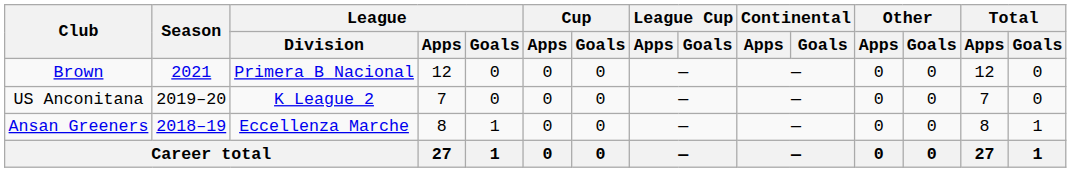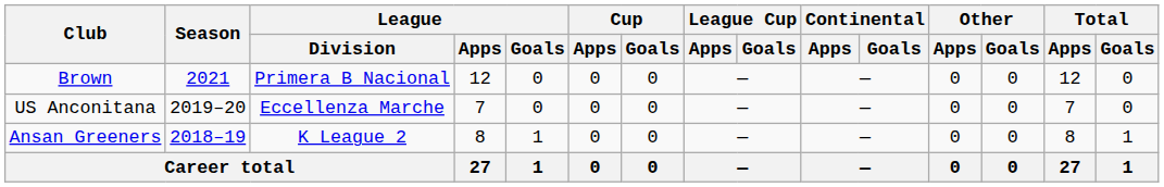 <table class="wikitable" style="text-align:center">
 <tr>
 <th rowspan="2">Club</th>
 <th rowspan="2">Season</th>
 <th colspan="3">League</th>
 <th colspan="2">Cup</th>
 <th colspan="2">League Cup</th>
 <th colspan="2">Continental</th>
 <th colspan="2">Other</th>
 <th colspan="2">Total</th>
 </tr>
 <tr>
 <th>Division</th>
 <th>Apps</th>
 <th>Goals</th>
 <th>Apps</th>
 <th>Goals</th>
 <th>Apps</th>
 <th>Goals</th>
 <th>Apps</th>
 <th>Goals</th>
 <th>Apps</th>
 <th>Goals</th>
 <th>Apps</th>
 <th>Goals</th>
 </tr>
 <tr>
 <td rowspan="1"><a href='#'>Brown</a></td>
 <td><a href='#'>2021</a></td>
 <td rowspan="1"><a href='#'>Primera B Nacional</a></td>
 <td>12</td>
 <td>0</td>
 <td>0</td>
 <td>0</td>
 <td colspan="2">—</td>
 <td colspan="2">—</td>
 <td>0</td>
 <td>0</td>
 <td>12</td>
 <td>0</td>
 </tr>
 <tr>
 <td rowspan="1">US Anconitana</td>
 <td>2019–20</td>
-<td rowspan="1"><a href='#'>K League 2</a></td>
+<td rowspan="1"><a href='#'>Eccellenza Marche</a></td>
 <td>7</td>
 <td>0</td>
 <td>0</td>
 <td>0</td>
 <td colspan="2">—</td>
 <td colspan="2">—</td>
 <td>0</td>
 <td>0</td>
 <td>7</td>
 <td>0</td>
 </tr>
 <tr>
 <td rowspan="1"><a href='#'>Ansan Greeners</a></td>
 <td><a href='#'>2018–19</a></td>
-<td rowspan="1"><a href='#'>Eccellenza Marche</a></td>
+<td rowspan="1"><a href='#'>K League 2</a></td>
 <td>8</td>
 <td>1</td>
 <td>0</td>
 <td>0</td>
 <td colspan="2">—</td>
 <td colspan="2">—</td>
 <td>0</td>
 <td>0</td>
 <td>8</td>
 <td>1</td>
 </tr>
 <tr>
 <th colspan="3">Career total</th>
 <th>27</th>
 <th>1</th>
 <th>0</th>
 <th>0</th>
 <th colspan="2">—</th>
 <th colspan="2">—</th>
 <th>0</th>
 <th>0</th>
 <th>27</th>
 <th>1</th>
 </tr>
 </table>
